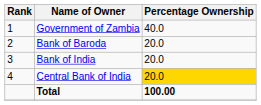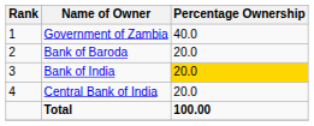 <table class="wikitable sortable" style="margin-left:auto;margin-right:auto">
 <tr>
 <th style="width:2em;">Rank</th>
 <th>Name of Owner</th>
 <th>Percentage Ownership</th>
 </tr>
 <tr>
 <td>1</td>
 <td><a href='#'>Government of Zambia</a></td>
 <td>40.0</td>
 </tr>
 <tr>
 <td>2</td>
 <td><a href='#'>Bank of Baroda</a></td>
 <td>20.0</td>
 </tr>
 <tr>
 <td>3</td>
 <td><a href='#'>Bank of India</a></td>
-<td>20.0</td>
+<td style="background: gold;">20.0</td>
 </tr>
 <tr>
 <td>4</td>
 <td><a href='#'>Central Bank of India</a></td>
-<td style="background: gold;">20.0</td>
+<td>20.0</td>
 </tr>
 <tr>
 <td></td>
 <td><strong>Total</strong></td>
 <td><strong>100.00</strong></td>
 </tr>
 <tr>
 </tr>
 </table>
